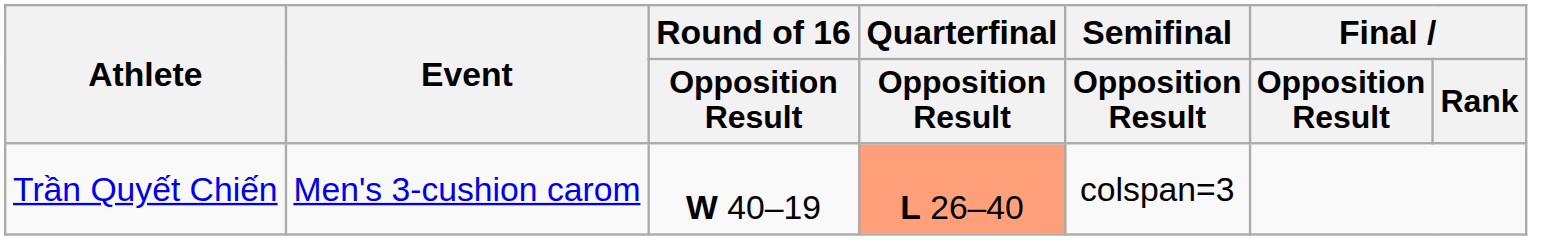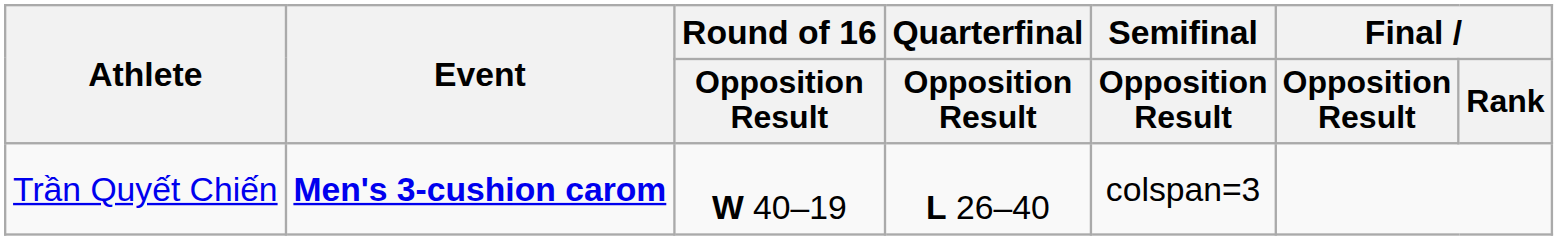 <table class="wikitable" style="font-size:90%;">
 <tr>
 <th rowspan=2>Athlete</th>
 <th rowspan=2>Event</th>
 <th>Round of 16</th>
 <th>Quarterfinal</th>
 <th>Semifinal</th>
 <th colspan=2>Final / </th>
 </tr>
 <tr style="font-size:95%">
 <th>Opposition<br>Result</th>
 <th>Opposition<br>Result</th>
 <th>Opposition<br>Result</th>
 <th>Opposition<br>Result</th>
 <th>Rank</th>
 </tr>
 <tr align=center>
 <td align=left><a href='#'>Trần Quyết Chiến</a></td>
-<td align=left><a href='#'>Men's 3-cushion carom</a></td>
+<td align=left><strong><a href='#'>Men's 3-cushion carom</a></strong></td>
 <td><br><strong>W</strong> 40–19</td>
-<td style="background: lightsalmon;"><br><strong>L</strong> 26–40</td>
+<td><br><strong>L</strong> 26–40</td>
 <td>colspan=3 </td>
 </tr>
 </table>
